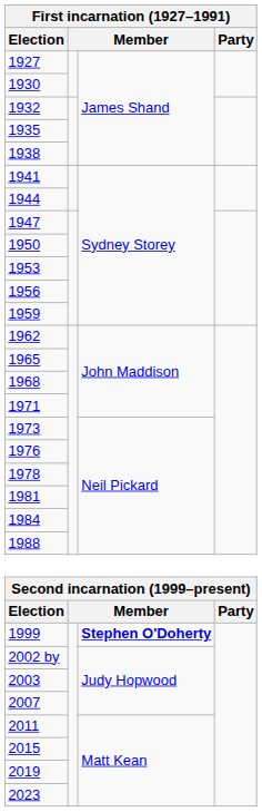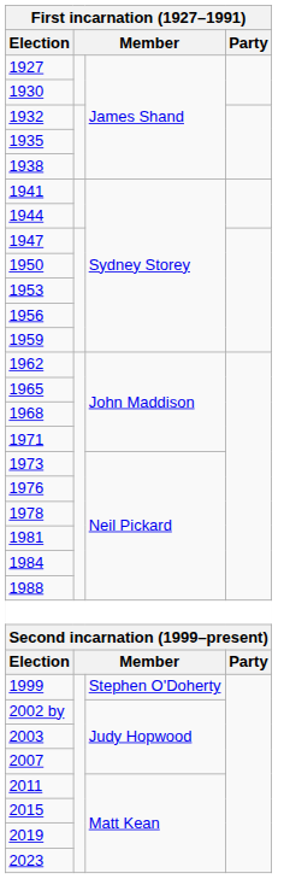 <table class="wikitable" style='border-style: none none none none;'>
 <tr>
 <th colspan="7">First incarnation (1927–1991)</th>
 </tr>
 <tr>
 <th>Election</th>
 <th colspan="2">Member</th>
 <th>Party</th>
 </tr>
 <tr style="background: #f9f9f9">
 <td><a href='#'>1927</a></td>
 <td rowspan="2" > </td>
 <td rowspan="5"><a href='#'>James Shand</a></td>
 <td rowspan="2"></td>
 </tr>
 <tr style="background: #f9f9f9">
 <td><a href='#'>1930</a></td>
 </tr>
 <tr style="background: #f9f9f9">
 <td><a href='#'>1932</a></td>
 <td rowspan="3" > </td>
 <td rowspan="3"></td>
 </tr>
 <tr style="background: #f9f9f9">
 <td><a href='#'>1935</a></td>
 </tr>
 <tr style="background: #f9f9f9">
 <td><a href='#'>1938</a></td>
 </tr>
 <tr style="background: #f9f9f9">
 <td><a href='#'>1941</a></td>
 <td rowspan="2" > </td>
 <td rowspan="7"><a href='#'>Sydney Storey</a></td>
 <td rowspan="2"></td>
 </tr>
 <tr style="background: #f9f9f9">
 <td><a href='#'>1944</a></td>
 </tr>
 <tr style="background: #f9f9f9">
 <td><a href='#'>1947</a></td>
 <td rowspan="5" > </td>
 <td rowspan="5"></td>
 </tr>
 <tr style="background: #f9f9f9">
 <td><a href='#'>1950</a></td>
 </tr>
 <tr style="background: #f9f9f9">
 <td><a href='#'>1953</a></td>
 </tr>
 <tr style="background: #f9f9f9">
 <td><a href='#'>1956</a></td>
 </tr>
 <tr style="background: #f9f9f9">
 <td><a href='#'>1959</a></td>
 </tr>
 <tr style="background: #f9f9f9">
 <td><a href='#'>1962</a></td>
 <td rowspan="10" > </td>
 <td rowspan="4"><a href='#'>John Maddison</a></td>
 <td rowspan="10"></td>
 </tr>
 <tr style="background: #f9f9f9">
 <td><a href='#'>1965</a></td>
 </tr>
 <tr style="background: #f9f9f9">
 <td><a href='#'>1968</a></td>
 </tr>
 <tr style="background: #f9f9f9">
 <td><a href='#'>1971</a></td>
 </tr>
 <tr style="background: #f9f9f9">
 <td><a href='#'>1973</a></td>
 <td rowspan="6"><a href='#'>Neil Pickard</a></td>
 </tr>
 <tr style="background: #f9f9f9">
 <td><a href='#'>1976</a></td>
 </tr>
 <tr style="background: #f9f9f9">
 <td><a href='#'>1978</a></td>
 </tr>
 <tr style="background: #f9f9f9">
 <td><a href='#'>1981</a></td>
 </tr>
 <tr style="background: #f9f9f9">
 <td><a href='#'>1984</a></td>
 </tr>
 <tr style="background: #f9f9f9">
 <td><a href='#'>1988</a></td>
 </tr>
 <tr>
 <td colspan="4" style='background: #FFFFFF; border-style: none none none none;'> </td>
 </tr>
 <tr>
 <th colspan="4">Second incarnation (1999–present)</th>
 </tr>
 <tr style="background: #f9f9f9">
 <th>Election</th>
 <th colspan="2">Member</th>
 <th>Party</th>
 </tr>
 <tr style="background: #f9f9f9">
 <td><a href='#'>1999</a></td>
 <td rowspan="8" > </td>
-<td><strong><a href='#'>Stephen O'Doherty</a></strong></td>
+<td><a href='#'>Stephen O'Doherty</a></td>
 <td rowspan="8"></td>
 </tr>
 <tr style="background: #f9f9f9">
 <td><a href='#'>2002 by</a></td>
 <td rowspan="3"><a href='#'>Judy Hopwood</a></td>
 </tr>
 <tr style="background: #f9f9f9">
 <td><a href='#'>2003</a></td>
 </tr>
 <tr style="background: #f9f9f9">
 <td><a href='#'>2007</a></td>
 </tr>
 <tr style="background: #f9f9f9">
 <td><a href='#'>2011</a></td>
 <td rowspan="4"><a href='#'>Matt Kean</a></td>
 </tr>
 <tr style="background: #f9f9f9">
 <td><a href='#'>2015</a></td>
 </tr>
 <tr style="background: #f9f9f9">
 <td><a href='#'>2019</a></td>
 </tr>
 <tr style="background: #f9f9f9">
 <td><a href='#'>2023</a></td>
 </tr>
 </table>
